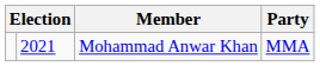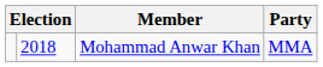 <table class="wikitable">
 <tr>
 <th colspan="2">Election</th>
 <th>Member</th>
 <th>Party</th>
 </tr>
 <tr>
 <td style="background-color: "></td>
-<td><a href='#'>2021</a></td>
+<td><a href='#'>2018</a></td>
 <td><a href='#'>Mohammad Anwar Khan</a></td>
 <td><a href='#'>MMA</a></td>
 </tr>
 </table>
